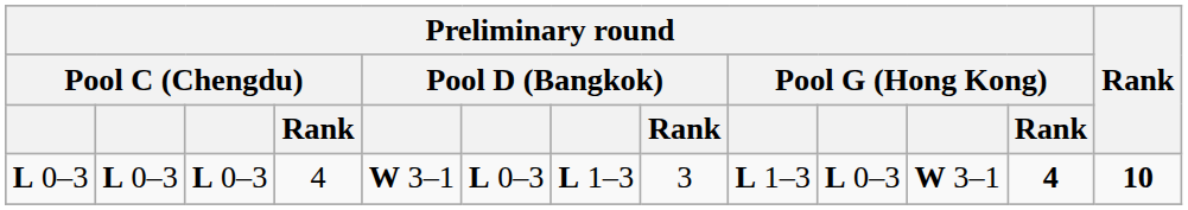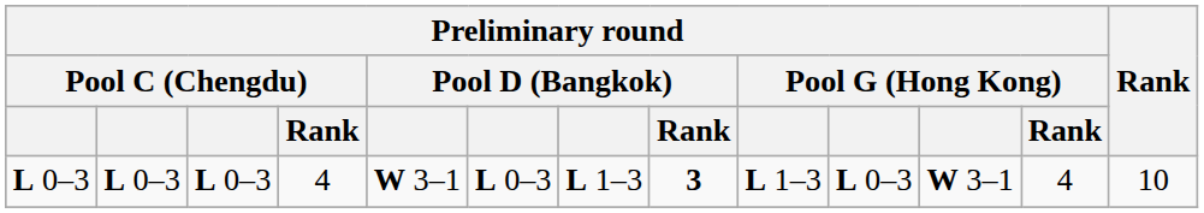 <table class="wikitable" style="font-size:100%;">
 <tr>
 <th colspan=12>Preliminary round</th>
 <th rowspan=3>Rank</th>
 </tr>
 <tr>
 <th colspan=4>Pool C (Chengdu)</th>
 <th colspan=4>Pool D (Bangkok)</th>
 <th colspan=4>Pool G (Hong Kong)</th>
 </tr>
 <tr>
 <th></th>
 <th></th>
 <th></th>
 <th>Rank</th>
 <th></th>
 <th></th>
 <th></th>
 <th>Rank</th>
 <th></th>
 <th></th>
 <th></th>
 <th>Rank</th>
 </tr>
 <tr align=center>
 <td><strong>L</strong> 0–3</td>
 <td><strong>L</strong> 0–3</td>
 <td><strong>L</strong> 0–3</td>
 <td>4</td>
 <td><strong>W</strong> 3–1</td>
 <td><strong>L</strong> 0–3</td>
 <td><strong>L</strong> 1–3</td>
-<td>3</td>
+<td><strong>3</strong></td>
 <td><strong>L</strong> 1–3</td>
 <td><strong>L</strong> 0–3</td>
 <td><strong>W</strong> 3–1</td>
-<td><strong>4</strong></td>
-<td><strong>10</strong></td>
+<td>4</td>
+<td>10</td>
 </tr>
 </table>
